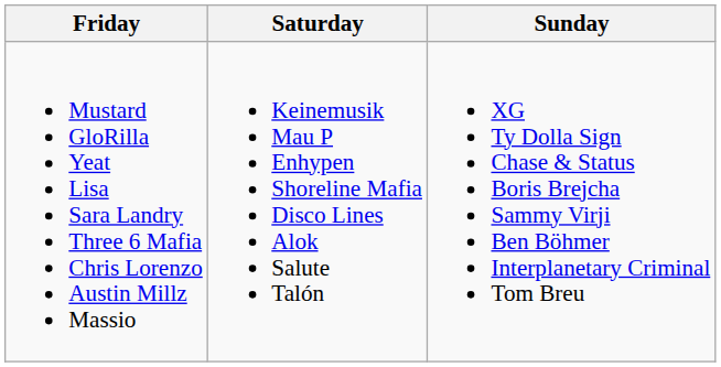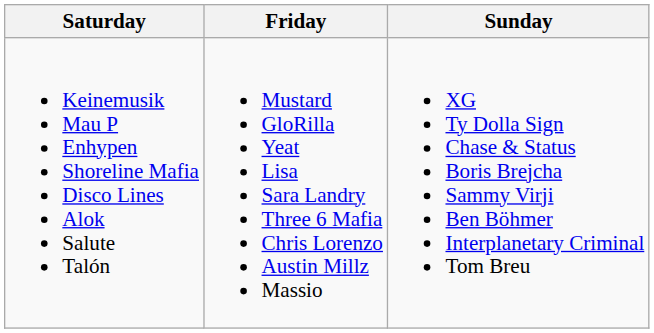 <table class="wikitable">
 <tr>
+<th>Saturday</th>
 <th>Friday</th>
-<th>Saturday</th>
 <th>Sunday</th>
 </tr>
 <tr valign="top">
+<td><br><ul><li><a href='#'>Keinemusik</a></li><li><a href='#'>Mau P</a></li><li><a href='#'>Enhypen</a></li><li><a href='#'>Shoreline Mafia</a></li><li><a href='#'>Disco Lines</a></li><li><a href='#'>Alok</a></li><li>Salute</li><li>Talón</li></ul></td>
 <td><br><ul><li><a href='#'>Mustard</a></li><li><a href='#'>GloRilla</a></li><li><a href='#'>Yeat</a></li><li><a href='#'>Lisa</a></li><li><a href='#'>Sara Landry</a></li><li><a href='#'>Three 6 Mafia</a></li><li><a href='#'>Chris Lorenzo</a></li><li><a href='#'>Austin Millz</a></li><li>Massio</li></ul></td>
-<td><br><ul><li><a href='#'>Keinemusik</a></li><li><a href='#'>Mau P</a></li><li><a href='#'>Enhypen</a></li><li><a href='#'>Shoreline Mafia</a></li><li><a href='#'>Disco Lines</a></li><li><a href='#'>Alok</a></li><li>Salute</li><li>Talón</li></ul></td>
 <td><br><ul><li><a href='#'>XG</a></li><li><a href='#'>Ty Dolla Sign</a></li><li><a href='#'>Chase & Status</a></li><li><a href='#'>Boris Brejcha</a></li><li><a href='#'>Sammy Virji</a></li><li><a href='#'>Ben Böhmer</a></li><li><a href='#'>Interplanetary Criminal</a></li><li>Tom Breu</li></ul></td>
 </tr>
 </table>
